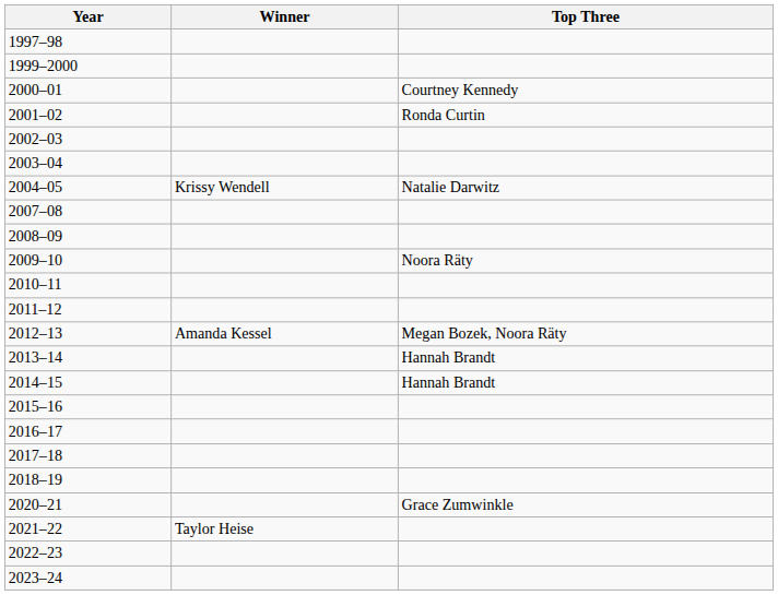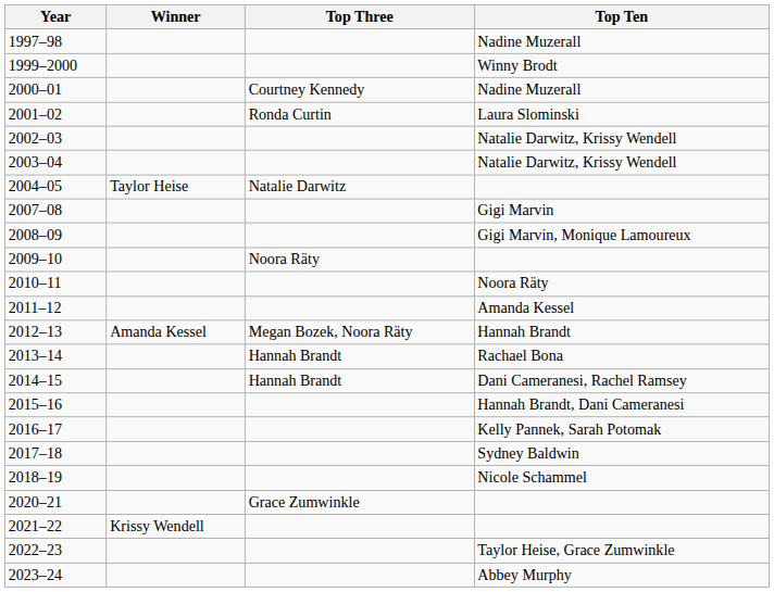 <table class="wikitable" style="width: 50em">
 <tr>
 <th>Year</th>
 <th>Winner</th>
 <th>Top Three</th>
+<th>Top Ten</th>
 </tr>
 <tr>
 <td>1997–98</td>
 <td></td>
 <td></td>
+<td>Nadine Muzerall</td>
 </tr>
 <tr>
 <td>1999–2000</td>
 <td></td>
 <td></td>
+<td>Winny Brodt</td>
 </tr>
 <tr>
 <td>2000–01</td>
 <td></td>
 <td>Courtney Kennedy</td>
+<td>Nadine Muzerall</td>
 </tr>
 <tr>
 <td>2001–02</td>
 <td></td>
 <td>Ronda Curtin</td>
+<td>Laura Slominski</td>
 </tr>
 <tr>
 <td>2002–03</td>
 <td></td>
 <td></td>
+<td>Natalie Darwitz, Krissy Wendell</td>
 </tr>
 <tr>
 <td>2003–04</td>
 <td></td>
 <td></td>
+<td>Natalie Darwitz, Krissy Wendell</td>
 </tr>
 <tr>
 <td>2004–05</td>
-<td>Krissy Wendell</td>
+<td>Taylor Heise</td>
 <td>Natalie Darwitz</td>
+<td></td>
 </tr>
 <tr>
 <td>2007–08</td>
 <td></td>
 <td></td>
+<td>Gigi Marvin</td>
 </tr>
 <tr>
 <td>2008–09</td>
 <td></td>
 <td></td>
+<td>Gigi Marvin, Monique Lamoureux</td>
 </tr>
 <tr>
 <td>2009–10</td>
 <td></td>
 <td>Noora Räty</td>
+<td></td>
 </tr>
 <tr>
 <td>2010–11</td>
 <td></td>
 <td></td>
+<td>Noora Räty</td>
 </tr>
 <tr>
 <td>2011–12</td>
 <td></td>
 <td></td>
+<td>Amanda Kessel</td>
 </tr>
 <tr>
 <td>2012–13</td>
 <td>Amanda Kessel</td>
 <td>Megan Bozek, Noora Räty</td>
+<td>Hannah Brandt</td>
 </tr>
 <tr>
 <td>2013–14</td>
 <td></td>
 <td>Hannah Brandt</td>
+<td>Rachael Bona</td>
 </tr>
 <tr>
 <td>2014–15</td>
 <td></td>
 <td>Hannah Brandt</td>
+<td>Dani Cameranesi, Rachel Ramsey</td>
 </tr>
 <tr>
 <td>2015–16</td>
 <td></td>
 <td></td>
+<td>Hannah Brandt, Dani Cameranesi</td>
 </tr>
 <tr>
 <td>2016–17</td>
 <td></td>
 <td></td>
+<td>Kelly Pannek, Sarah Potomak</td>
 </tr>
 <tr>
 <td>2017–18</td>
 <td></td>
 <td></td>
+<td>Sydney Baldwin</td>
 </tr>
 <tr>
 <td>2018–19</td>
 <td></td>
 <td></td>
+<td>Nicole Schammel</td>
 </tr>
 <tr>
 <td>2020–21</td>
 <td></td>
 <td>Grace Zumwinkle</td>
+<td></td>
 </tr>
 <tr>
 <td>2021–22</td>
-<td>Taylor Heise</td>
+<td>Krissy Wendell</td>
+<td></td>
 <td></td>
 </tr>
 <tr>
 <td>2022–23</td>
 <td></td>
 <td></td>
+<td>Taylor Heise, Grace Zumwinkle</td>
 </tr>
 <tr>
 <td>2023–24</td>
 <td></td>
 <td></td>
+<td>Abbey Murphy</td>
 </tr>
 </table>
